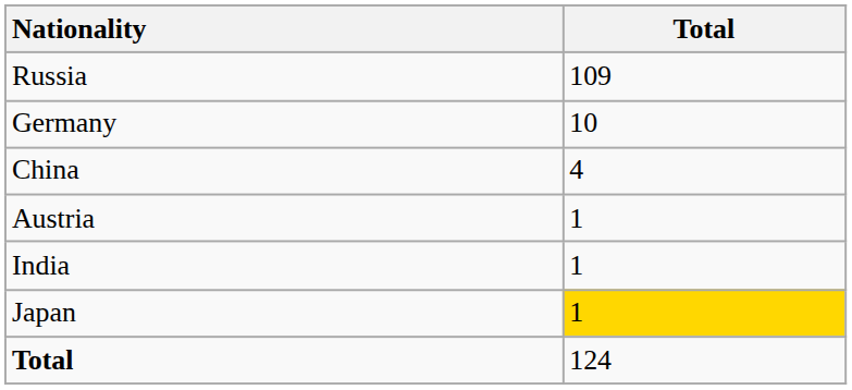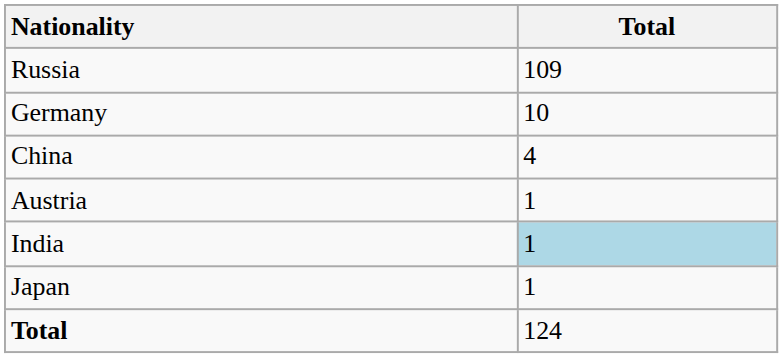 <table class="wikitable sortable floatright" style="font-size:83%; margin:0 0 1.5em 1.5em; width:20%">
 <tr>
 <th style="text-align:left;">Nationality</th>
 <th>Total</th>
 </tr>
 <tr>
 <td>Russia</td>
 <td>109</td>
 </tr>
 <tr>
 <td>Germany</td>
 <td>10</td>
 </tr>
 <tr>
 <td>China</td>
 <td>4</td>
 </tr>
 <tr>
 <td>Austria</td>
 <td>1</td>
 </tr>
 <tr>
 <td>India</td>
-<td>1</td>
+<td style="background: lightblue;">1</td>
 </tr>
 <tr>
 <td>Japan</td>
-<td style="background: gold;">1</td>
+<td>1</td>
 </tr>
 <tr>
 <td><strong>Total</strong></td>
 <td>124</td>
 </tr>
 </table>
